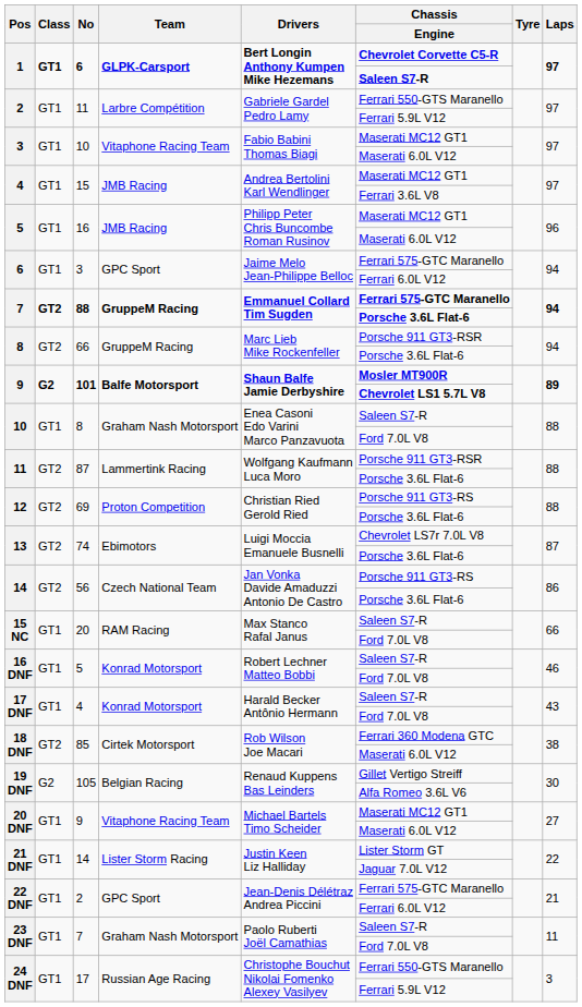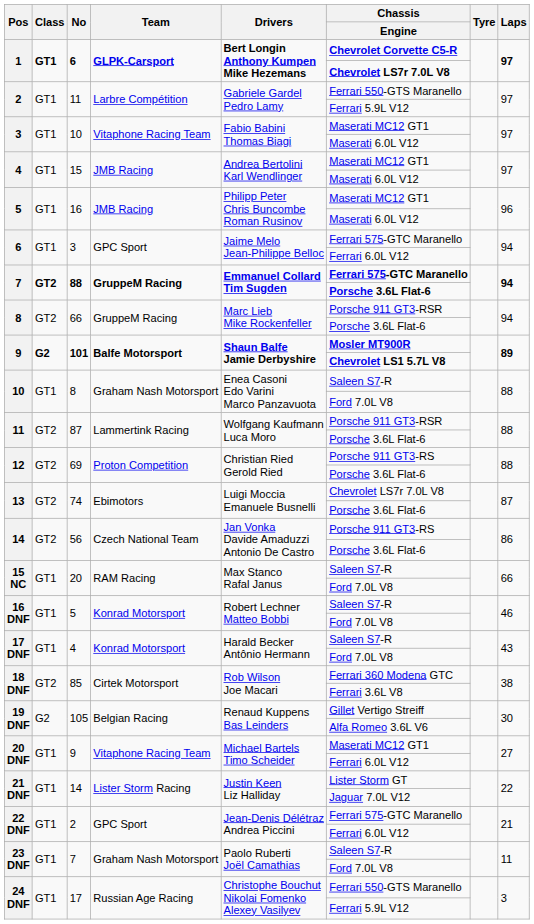 <table class="wikitable" style="font-size: 95%;">
 <tr>
 <th rowspan=2>Pos</th>
 <th rowspan=2>Class</th>
 <th rowspan=2>No</th>
 <th rowspan=2>Team</th>
 <th rowspan=2>Drivers</th>
 <th>Chassis</th>
 <th rowspan=2>Tyre</th>
 <th rowspan=2>Laps</th>
 </tr>
 <tr>
 <th>Engine</th>
 </tr>
 <tr style="font-weight:bold">
 <th rowspan=2>1</th>
 <td rowspan=2>GT1</td>
 <td rowspan=2>6</td>
 <td rowspan=2> <a href='#'>GLPK-Carsport</a></td>
 <td rowspan=2> Bert Longin<br> <a href='#'>Anthony Kumpen</a><br> Mike Hezemans</td>
 <td><a href='#'>Chevrolet Corvette C5-R</a></td>
 <td rowspan=2></td>
 <td rowspan=2>97</td>
 </tr>
 <tr style="font-weight:bold">
-<td><a href='#'>Saleen S7</a>-R</td>
+<td><a href='#'>Chevrolet</a> LS7r 7.0L V8</td>
 </tr>
 <tr>
 <th rowspan=2>2</th>
 <td rowspan=2>GT1</td>
 <td rowspan=2>11</td>
 <td rowspan=2> <a href='#'>Larbre Compétition</a></td>
 <td rowspan=2> <a href='#'>Gabriele Gardel</a><br> <a href='#'>Pedro Lamy</a></td>
 <td><a href='#'>Ferrari 550</a>-GTS Maranello</td>
 <td rowspan=2></td>
 <td rowspan=2>97</td>
 </tr>
 <tr>
 <td><a href='#'>Ferrari</a> 5.9L V12</td>
 </tr>
 <tr>
 <th rowspan=2>3</th>
 <td rowspan=2>GT1</td>
 <td rowspan=2>10</td>
 <td rowspan=2> <a href='#'>Vitaphone Racing Team</a></td>
 <td rowspan=2> <a href='#'>Fabio Babini</a><br> <a href='#'>Thomas Biagi</a></td>
 <td><a href='#'>Maserati MC12</a> GT1</td>
 <td rowspan=2></td>
 <td rowspan=2>97</td>
 </tr>
 <tr>
 <td><a href='#'>Maserati</a> 6.0L V12</td>
 </tr>
 <tr>
 <th rowspan=2>4</th>
 <td rowspan=2>GT1</td>
 <td rowspan=2>15</td>
 <td rowspan=2> <a href='#'>JMB Racing</a></td>
 <td rowspan=2> <a href='#'>Andrea Bertolini</a><br> <a href='#'>Karl Wendlinger</a></td>
 <td><a href='#'>Maserati MC12</a> GT1</td>
 <td rowspan=2></td>
 <td rowspan=2>97</td>
 </tr>
 <tr>
-<td><a href='#'>Ferrari</a> 3.6L V8</td>
+<td><a href='#'>Maserati</a> 6.0L V12</td>
 </tr>
 <tr>
 <th rowspan=2>5</th>
 <td rowspan=2>GT1</td>
 <td rowspan=2>16</td>
 <td rowspan=2> <a href='#'>JMB Racing</a></td>
 <td rowspan=2> <a href='#'>Philipp Peter</a><br> <a href='#'>Chris Buncombe</a><br> <a href='#'>Roman Rusinov</a></td>
 <td><a href='#'>Maserati MC12</a> GT1</td>
 <td rowspan=2></td>
 <td rowspan=2>96</td>
 </tr>
 <tr>
 <td><a href='#'>Maserati</a> 6.0L V12</td>
 </tr>
 <tr>
 <th rowspan=2>6</th>
 <td rowspan=2>GT1</td>
 <td rowspan=2>3</td>
 <td rowspan=2> GPC Sport</td>
 <td rowspan=2> <a href='#'>Jaime Melo</a><br> <a href='#'>Jean-Philippe Belloc</a></td>
 <td><a href='#'>Ferrari 575</a>-GTC Maranello</td>
 <td rowspan=2></td>
 <td rowspan=2>94</td>
 </tr>
 <tr>
 <td><a href='#'>Ferrari</a> 6.0L V12</td>
 </tr>
 <tr style="font-weight:bold">
 <th rowspan=2>7</th>
 <td rowspan=2>GT2</td>
 <td rowspan=2>88</td>
 <td rowspan=2> GruppeM Racing</td>
 <td rowspan=2> <a href='#'>Emmanuel Collard</a><br> <a href='#'>Tim Sugden</a></td>
 <td><a href='#'>Ferrari 575</a>-GTC Maranello</td>
 <td rowspan=2></td>
 <td rowspan=2>94</td>
 </tr>
 <tr style="font-weight:bold">
 <td><a href='#'>Porsche</a> 3.6L Flat-6</td>
 </tr>
 <tr>
 <th rowspan=2>8</th>
 <td rowspan=2>GT2</td>
 <td rowspan=2>66</td>
 <td rowspan=2> GruppeM Racing</td>
 <td rowspan=2> <a href='#'>Marc Lieb</a><br> <a href='#'>Mike Rockenfeller</a></td>
 <td><a href='#'>Porsche 911 GT3</a>-RSR</td>
 <td rowspan=2></td>
 <td rowspan=2>94</td>
 </tr>
 <tr>
 <td><a href='#'>Porsche</a> 3.6L Flat-6</td>
 </tr>
 <tr style="font-weight:bold">
 <th rowspan=2>9</th>
 <td rowspan=2>G2</td>
 <td rowspan=2>101</td>
 <td rowspan=2> Balfe Motorsport</td>
 <td rowspan=2> <a href='#'>Shaun Balfe</a><br> Jamie Derbyshire</td>
 <td><a href='#'>Mosler MT900R</a></td>
 <td rowspan=2></td>
 <td rowspan=2>89</td>
 </tr>
 <tr style="font-weight:bold">
 <td><a href='#'>Chevrolet</a> LS1 5.7L V8</td>
 </tr>
 <tr>
 <th rowspan=2>10</th>
 <td rowspan=2>GT1</td>
 <td rowspan=2>8</td>
 <td rowspan=2> Graham Nash Motorsport</td>
 <td rowspan=2> Enea Casoni<br> Edo Varini<br> Marco Panzavuota</td>
 <td><a href='#'>Saleen S7</a>-R</td>
 <td rowspan=2></td>
 <td rowspan=2>88</td>
 </tr>
 <tr>
 <td><a href='#'>Ford</a> 7.0L V8</td>
 </tr>
 <tr>
 <th rowspan=2>11</th>
 <td rowspan=2>GT2</td>
 <td rowspan=2>87</td>
 <td rowspan=2> Lammertink Racing</td>
 <td rowspan=2> Wolfgang Kaufmann<br> Luca Moro</td>
 <td><a href='#'>Porsche 911 GT3</a>-RSR</td>
 <td rowspan=2></td>
 <td rowspan=2>88</td>
 </tr>
 <tr>
 <td><a href='#'>Porsche</a> 3.6L Flat-6</td>
 </tr>
 <tr>
 <th rowspan=2>12</th>
 <td rowspan=2>GT2</td>
 <td rowspan=2>69</td>
 <td rowspan=2> <a href='#'>Proton Competition</a></td>
 <td rowspan=2> Christian Ried<br> Gerold Ried</td>
 <td><a href='#'>Porsche 911 GT3</a>-RS</td>
 <td rowspan=2></td>
 <td rowspan=2>88</td>
 </tr>
 <tr>
 <td><a href='#'>Porsche</a> 3.6L Flat-6</td>
 </tr>
 <tr>
 <th rowspan=2>13</th>
 <td rowspan=2>GT2</td>
 <td rowspan=2>74</td>
 <td rowspan=2> Ebimotors</td>
 <td rowspan=2> Luigi Moccia<br> Emanuele Busnelli</td>
 <td><a href='#'>Chevrolet</a> LS7r 7.0L V8</td>
 <td rowspan=2></td>
 <td rowspan=2>87</td>
 </tr>
 <tr>
 <td><a href='#'>Porsche</a> 3.6L Flat-6</td>
 </tr>
 <tr>
 <th rowspan=2>14</th>
 <td rowspan=2>GT2</td>
 <td rowspan=2>56</td>
 <td rowspan=2> Czech National Team</td>
 <td rowspan=2> <a href='#'>Jan Vonka</a><br> Davide Amaduzzi<br> Antonio De Castro</td>
 <td><a href='#'>Porsche 911 GT3</a>-RS</td>
 <td rowspan=2></td>
 <td rowspan=2>86</td>
 </tr>
 <tr>
 <td><a href='#'>Porsche</a> 3.6L Flat-6</td>
 </tr>
 <tr>
 <th rowspan=2>15<br>NC</th>
 <td rowspan=2>GT1</td>
 <td rowspan=2>20</td>
 <td rowspan=2> RAM Racing</td>
 <td rowspan=2> Max Stanco<br> Rafal Janus</td>
 <td><a href='#'>Saleen S7</a>-R</td>
 <td rowspan=2></td>
 <td rowspan=2>66</td>
 </tr>
 <tr>
 <td><a href='#'>Ford</a> 7.0L V8</td>
 </tr>
 <tr>
 <th rowspan=2>16<br>DNF</th>
 <td rowspan=2>GT1</td>
 <td rowspan=2>5</td>
 <td rowspan=2> <a href='#'>Konrad Motorsport</a></td>
 <td rowspan=2> Robert Lechner<br> <a href='#'>Matteo Bobbi</a></td>
 <td><a href='#'>Saleen S7</a>-R</td>
 <td rowspan=2></td>
 <td rowspan=2>46</td>
 </tr>
 <tr>
 <td><a href='#'>Ford</a> 7.0L V8</td>
 </tr>
 <tr>
 <th rowspan=2>17<br>DNF</th>
 <td rowspan=2>GT1</td>
 <td rowspan=2>4</td>
 <td rowspan=2> <a href='#'>Konrad Motorsport</a></td>
 <td rowspan=2> Harald Becker<br> Antônio Hermann</td>
 <td><a href='#'>Saleen S7</a>-R</td>
 <td rowspan=2></td>
 <td rowspan=2>43</td>
 </tr>
 <tr>
 <td><a href='#'>Ford</a> 7.0L V8</td>
 </tr>
 <tr>
 <th rowspan=2>18<br>DNF</th>
 <td rowspan=2>GT2</td>
 <td rowspan=2>85</td>
 <td rowspan=2> Cirtek Motorsport</td>
 <td rowspan=2> <a href='#'>Rob Wilson</a><br> Joe Macari</td>
 <td><a href='#'>Ferrari 360 Modena</a> GTC</td>
 <td rowspan=2></td>
 <td rowspan=2>38</td>
 </tr>
 <tr>
-<td><a href='#'>Maserati</a> 6.0L V12</td>
+<td><a href='#'>Ferrari</a> 3.6L V8</td>
 </tr>
 <tr>
 <th rowspan=2>19<br>DNF</th>
 <td rowspan=2>G2</td>
 <td rowspan=2>105</td>
 <td rowspan=2> Belgian Racing</td>
 <td rowspan=2> Renaud Kuppens<br> <a href='#'>Bas Leinders</a></td>
 <td><a href='#'>Gillet</a> Vertigo Streiff</td>
 <td rowspan=2></td>
 <td rowspan=2>30</td>
 </tr>
 <tr>
 <td><a href='#'>Alfa Romeo</a> 3.6L V6</td>
 </tr>
 <tr>
 <th rowspan=2>20<br>DNF</th>
 <td rowspan=2>GT1</td>
 <td rowspan=2>9</td>
 <td rowspan=2> <a href='#'>Vitaphone Racing Team</a></td>
 <td rowspan=2> <a href='#'>Michael Bartels</a><br> <a href='#'>Timo Scheider</a></td>
 <td><a href='#'>Maserati MC12</a> GT1</td>
 <td rowspan=2></td>
 <td rowspan=2>27</td>
 </tr>
 <tr>
-<td><a href='#'>Maserati</a> 6.0L V12</td>
+<td><a href='#'>Ferrari</a> 6.0L V12</td>
 </tr>
 <tr>
 <th rowspan=2>21<br>DNF</th>
 <td rowspan=2>GT1</td>
 <td rowspan=2>14</td>
 <td rowspan=2> <a href='#'>Lister Storm</a> Racing</td>
 <td rowspan=2> <a href='#'>Justin Keen</a><br> Liz Halliday</td>
 <td><a href='#'>Lister Storm</a> GT</td>
 <td rowspan=2></td>
 <td rowspan=2>22</td>
 </tr>
 <tr>
 <td><a href='#'>Jaguar</a> 7.0L V12</td>
 </tr>
 <tr>
 <th rowspan=2>22<br>DNF</th>
 <td rowspan=2>GT1</td>
 <td rowspan=2>2</td>
 <td rowspan=2> GPC Sport</td>
 <td rowspan=2> <a href='#'>Jean-Denis Délétraz</a><br> Andrea Piccini</td>
 <td><a href='#'>Ferrari 575</a>-GTC Maranello</td>
 <td rowspan=2></td>
 <td rowspan=2>21</td>
 </tr>
 <tr>
 <td><a href='#'>Ferrari</a> 6.0L V12</td>
 </tr>
 <tr>
 <th rowspan=2>23<br>DNF</th>
 <td rowspan=2>GT1</td>
 <td rowspan=2>7</td>
 <td rowspan=2> Graham Nash Motorsport</td>
 <td rowspan=2> Paolo Ruberti<br> <a href='#'>Joël Camathias</a></td>
 <td><a href='#'>Saleen S7</a>-R</td>
 <td rowspan=2></td>
 <td rowspan=2>11</td>
 </tr>
 <tr>
 <td><a href='#'>Ford</a> 7.0L V8</td>
 </tr>
 <tr>
 <th rowspan=2>24<br>DNF</th>
 <td rowspan=2>GT1</td>
 <td rowspan=2>17</td>
 <td rowspan=2> Russian Age Racing</td>
 <td rowspan=2> <a href='#'>Christophe Bouchut</a><br> <a href='#'>Nikolai Fomenko</a><br> <a href='#'>Alexey Vasilyev</a></td>
 <td><a href='#'>Ferrari 550</a>-GTS Maranello</td>
 <td rowspan=2></td>
 <td rowspan=2>3</td>
 </tr>
 <tr>
 <td><a href='#'>Ferrari</a> 5.9L V12</td>
 </tr>
 </table>
